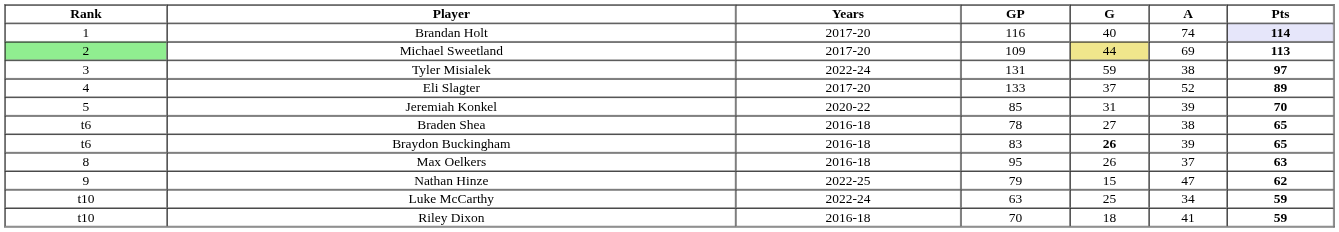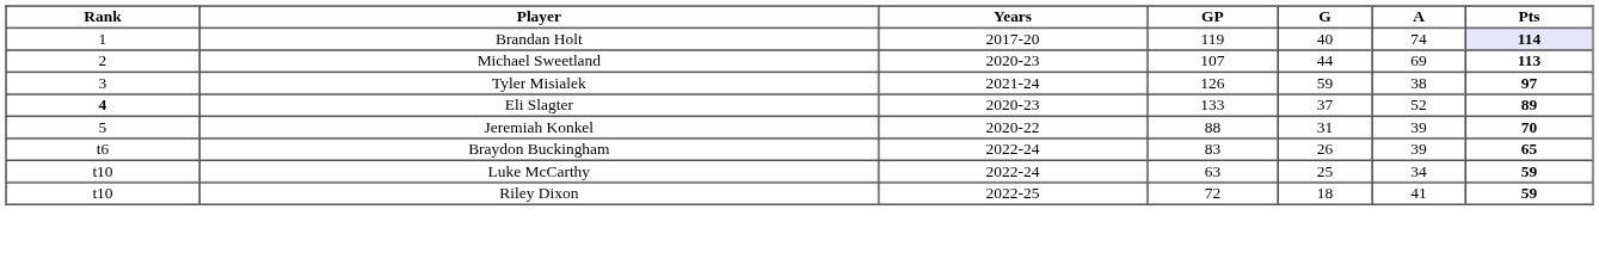 <table cellpadding="1" border="1" cellspacing="0" width="100%">
 <tr>
 <th>Rank</th>
 <th>Player</th>
 <th>Years</th>
 <th>GP</th>
 <th>G</th>
 <th>A</th>
 <th>Pts</th>
 </tr>
 <tr>
 </tr>
 <tr align="center">
 <td>1</td>
 <td>Brandan Holt</td>
 <td>2017-20</td>
-<td>116</td>
+<td>119</td>
 <td>40</td>
 <td>74</td>
 <td style="background: lavender;"><strong>114</strong></td>
 </tr>
 <tr>
 </tr>
 <tr align="center">
-<td style="background: lightgreen;">2</td>
+<td>2</td>
 <td>Michael Sweetland</td>
-<td>2017-20</td>
-<td>109</td>
-<td style="background: khaki;">44</td>
+<td>2020-23</td>
+<td>107</td>
+<td>44</td>
 <td>69</td>
 <td><strong>113</strong></td>
 </tr>
 <tr align="center">
 <td>3</td>
 <td>Tyler Misialek</td>
-<td>2022-24</td>
-<td>131</td>
+<td>2021-24</td>
+<td>126</td>
 <td>59</td>
 <td>38</td>
 <td><strong>97</strong></td>
 </tr>
 <tr align="center">
-<td>4</td>
+<td><strong>4</strong></td>
 <td>Eli Slagter</td>
-<td>2017-20</td>
+<td>2020-23</td>
 <td>133</td>
 <td>37</td>
 <td>52</td>
 <td><strong>89</strong></td>
 </tr>
 <tr align="center">
 <td>5</td>
 <td>Jeremiah Konkel</td>
 <td>2020-22</td>
-<td>85</td>
+<td>88</td>
 <td>31</td>
 <td>39</td>
 <td><strong>70</strong></td>
 </tr>
 <tr align="center">
 <td>t6</td>
-<td>Braden Shea</td>
-<td>2016-18</td>
-<td>78</td>
-<td>27</td>
-<td>38</td>
-<td><strong>65</strong></td>
-</tr>
-<tr align="center">
-<td>t6</td>
 <td>Braydon Buckingham</td>
-<td>2016-18</td>
+<td>2022-24</td>
 <td>83</td>
-<td><strong>26</strong></td>
+<td>26</td>
 <td>39</td>
 <td><strong>65</strong></td>
-</tr>
-<tr align="center">
-<td>8</td>
-<td>Max Oelkers</td>
-<td>2016-18</td>
-<td>95</td>
-<td>26</td>
-<td>37</td>
-<td><strong>63</strong></td>
-</tr>
-<tr align="center">
-<td>9</td>
-<td>Nathan Hinze</td>
-<td>2022-25</td>
-<td>79</td>
-<td>15</td>
-<td>47</td>
-<td><strong>62</strong></td>
 </tr>
 <tr align="center">
 <td>t10</td>
 <td>Luke McCarthy</td>
 <td>2022-24</td>
 <td>63</td>
 <td>25</td>
 <td>34</td>
 <td><strong>59</strong></td>
 </tr>
 <tr align="center">
 <td>t10</td>
 <td>Riley Dixon</td>
-<td>2016-18</td>
-<td>70</td>
+<td>2022-25</td>
+<td>72</td>
 <td>18</td>
 <td>41</td>
 <td><strong>59</strong></td>
 </tr>
 </table>
